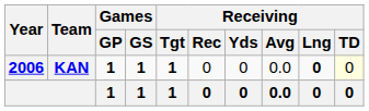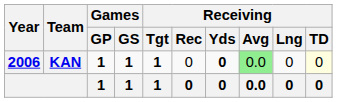 <table class="wikitable" style="text-align:center">
 <tr>
 <th rowspan="2">Year</th>
 <th rowspan="2">Team</th>
 <th colspan="2">Games</th>
 <th colspan="6">Receiving</th>
 </tr>
 <tr>
 <th>GP</th>
 <th>GS</th>
 <th>Tgt</th>
 <th>Rec</th>
 <th>Yds</th>
 <th>Avg</th>
 <th>Lng</th>
 <th>TD</th>
 </tr>
 <tr>
 <th><a href='#'>2006</a></th>
 <th><a href='#'>KAN</a></th>
 <td><strong>1</strong></td>
 <td><strong>1</strong></td>
 <td><strong>1</strong></td>
 <td>0</td>
+<td><strong>0</strong></td>
+<td style="background: lightgreen;">0.0</td>
 <td>0</td>
-<td>0.0</td>
-<td><strong>0</strong></td>
 <td style="background: lightyellow;">0</td>
 </tr>
 <tr>
 <th colspan="2"></th>
 <th>1</th>
 <th>1</th>
 <th>1</th>
 <th>0</th>
 <th>0</th>
 <th>0.0</th>
 <th>0</th>
 <th>0</th>
 </tr>
 </table>
